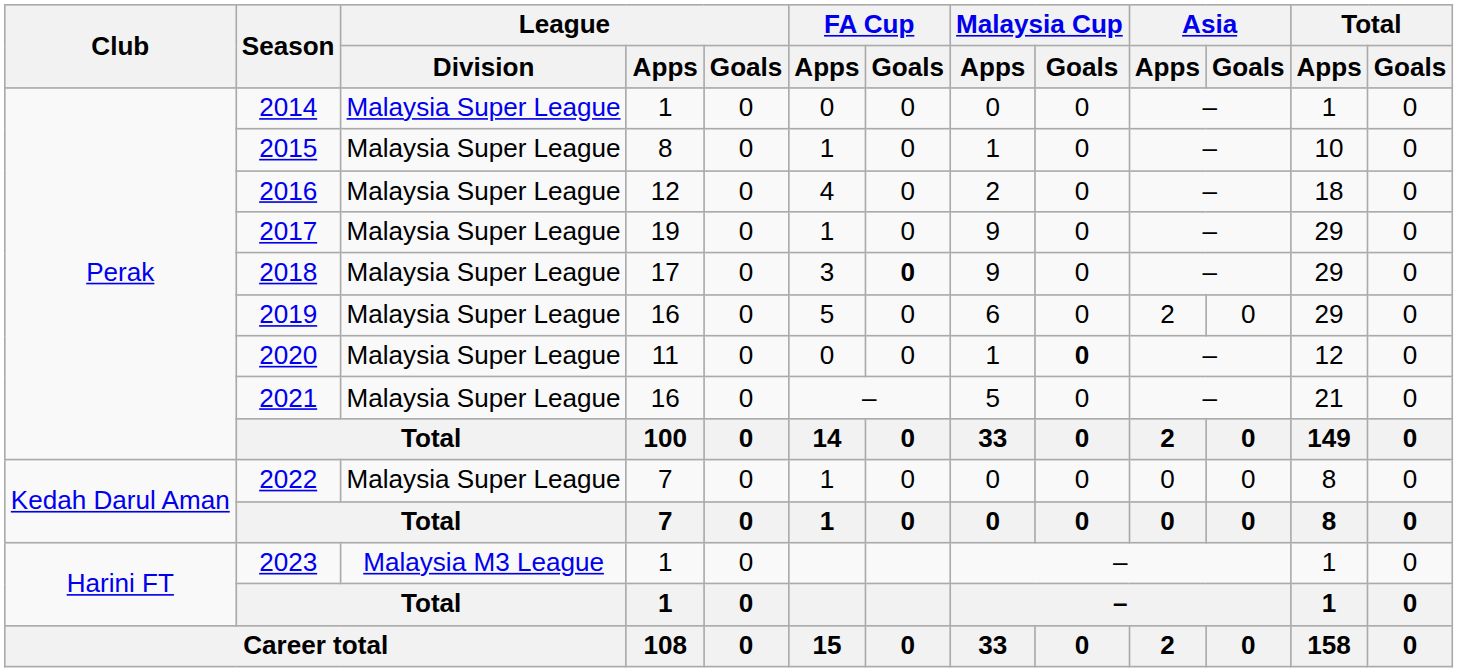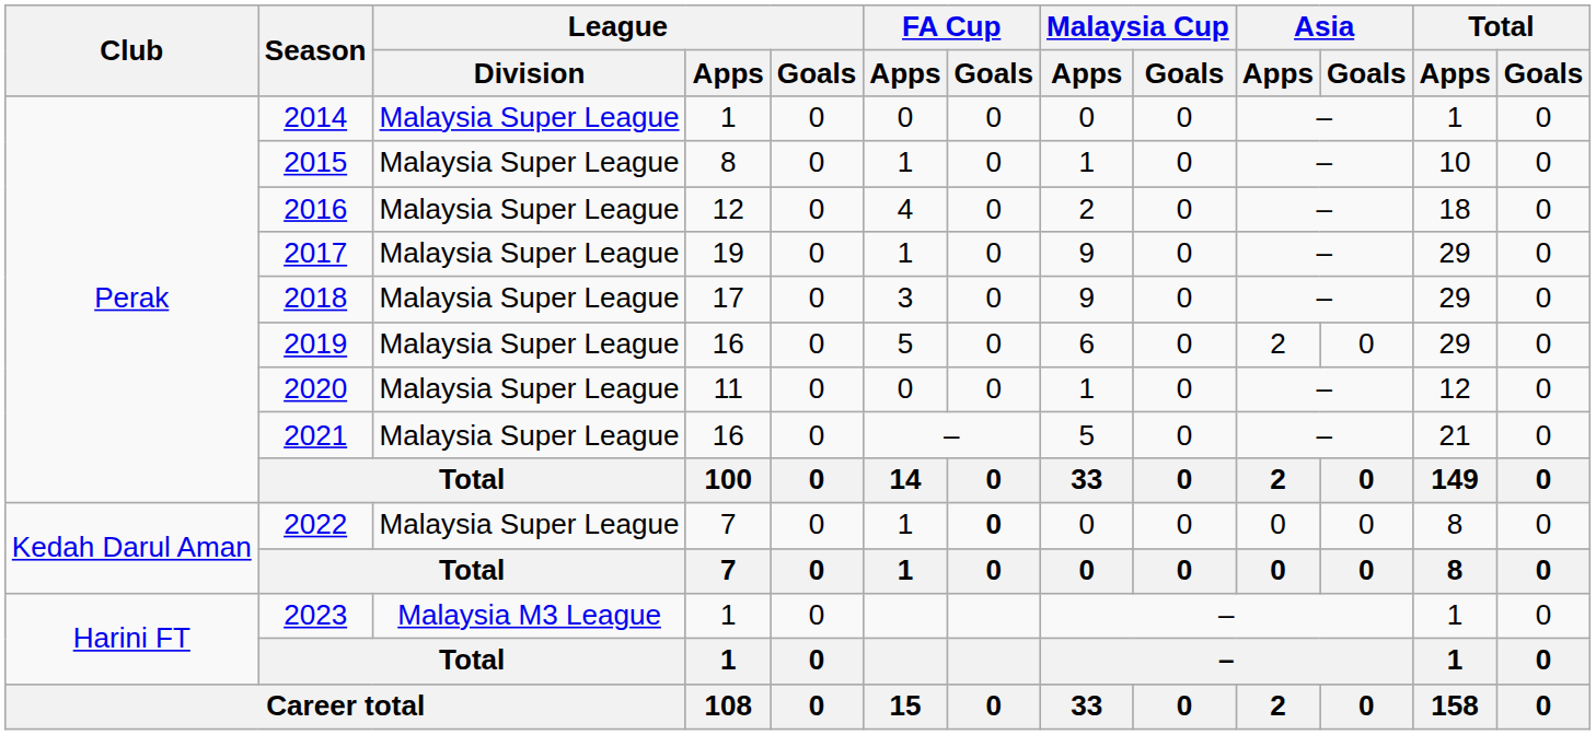 <table class=wikitable style="text-align:center">
 <tr>
 <th rowspan=2>Club</th>
 <th rowspan=2>Season</th>
 <th colspan=3>League</th>
 <th colspan=2><a href='#'>FA Cup</a></th>
 <th colspan=2><a href='#'>Malaysia Cup</a></th>
 <th colspan=2><a href='#'>Asia</a></th>
 <th colspan=2>Total</th>
 </tr>
 <tr>
 <th>Division</th>
 <th>Apps</th>
 <th>Goals</th>
 <th>Apps</th>
 <th>Goals</th>
 <th>Apps</th>
 <th>Goals</th>
 <th>Apps</th>
 <th>Goals</th>
 <th>Apps</th>
 <th>Goals</th>
 </tr>
 <tr>
 <td rowspan="9"><a href='#'>Perak</a></td>
 <td><a href='#'>2014</a></td>
 <td><a href='#'>Malaysia Super League</a></td>
 <td>1</td>
 <td>0</td>
 <td>0</td>
 <td>0</td>
 <td>0</td>
 <td>0</td>
 <td colspan="2">–</td>
 <td>1</td>
 <td>0</td>
 </tr>
 <tr>
 <td><a href='#'>2015</a></td>
 <td>Malaysia Super League</td>
 <td>8</td>
 <td>0</td>
 <td>1</td>
 <td>0</td>
 <td>1</td>
 <td>0</td>
 <td colspan="2">–</td>
 <td>10</td>
 <td>0</td>
 </tr>
 <tr>
 <td><a href='#'>2016</a></td>
 <td>Malaysia Super League</td>
 <td>12</td>
 <td>0</td>
 <td>4</td>
 <td>0</td>
 <td>2</td>
 <td>0</td>
 <td colspan="2">–</td>
 <td>18</td>
 <td>0</td>
 </tr>
 <tr>
 <td><a href='#'>2017</a></td>
 <td>Malaysia Super League</td>
 <td>19</td>
 <td>0</td>
 <td>1</td>
 <td>0</td>
 <td>9</td>
 <td>0</td>
 <td colspan="2">–</td>
 <td>29</td>
 <td>0</td>
 </tr>
 <tr>
 <td><a href='#'>2018</a></td>
 <td>Malaysia Super League</td>
 <td>17</td>
 <td>0</td>
 <td>3</td>
-<td><strong>0</strong></td>
+<td>0</td>
 <td>9</td>
 <td>0</td>
 <td colspan="2">–</td>
 <td>29</td>
 <td>0</td>
 </tr>
 <tr>
 <td><a href='#'>2019</a></td>
 <td>Malaysia Super League</td>
 <td>16</td>
 <td>0</td>
 <td>5</td>
 <td>0</td>
 <td>6</td>
 <td>0</td>
 <td>2</td>
 <td>0</td>
 <td>29</td>
 <td>0</td>
 </tr>
 <tr>
 <td><a href='#'>2020</a></td>
 <td>Malaysia Super League</td>
 <td>11</td>
 <td>0</td>
 <td>0</td>
 <td>0</td>
 <td>1</td>
-<td><strong>0</strong></td>
+<td>0</td>
 <td colspan="2">–</td>
 <td>12</td>
 <td>0</td>
 </tr>
 <tr>
 <td><a href='#'>2021</a></td>
 <td>Malaysia Super League</td>
 <td>16</td>
 <td>0</td>
 <td colspan="2">–</td>
 <td>5</td>
 <td>0</td>
 <td colspan="2">–</td>
 <td>21</td>
 <td>0</td>
 </tr>
 <tr>
 <th colspan=2>Total</th>
 <th>100</th>
 <th>0</th>
 <th>14</th>
 <th>0</th>
 <th>33</th>
 <th>0</th>
 <th>2</th>
 <th>0</th>
 <th>149</th>
 <th>0</th>
 </tr>
 <tr>
 <td rowspan="2"><a href='#'>Kedah Darul Aman</a></td>
 <td><a href='#'>2022</a></td>
 <td>Malaysia Super League</td>
 <td>7</td>
 <td>0</td>
 <td>1</td>
-<td>0</td>
+<td><strong>0</strong></td>
 <td>0</td>
 <td>0</td>
 <td>0</td>
 <td>0</td>
 <td>8</td>
 <td>0</td>
 </tr>
 <tr>
 <th colspan=2>Total</th>
 <th>7</th>
 <th>0</th>
 <th>1</th>
 <th>0</th>
 <th>0</th>
 <th>0</th>
 <th>0</th>
 <th>0</th>
 <th>8</th>
 <th>0</th>
 </tr>
 <tr>
 <td rowspan="2"><a href='#'>Harini FT</a></td>
 <td><a href='#'>2023</a></td>
 <td><a href='#'>Malaysia M3 League</a></td>
 <td>1</td>
 <td>0</td>
 <td></td>
 <td></td>
 <td colspan="4">–</td>
 <td>1</td>
 <td>0</td>
 </tr>
 <tr>
 <th colspan=2>Total</th>
 <th>1</th>
 <th>0</th>
 <th></th>
 <th></th>
 <th colspan="4">–</th>
 <th>1</th>
 <th>0</th>
 </tr>
 <tr>
 <th colspan=3>Career total</th>
 <th>108</th>
 <th>0</th>
 <th>15</th>
 <th>0</th>
 <th>33</th>
 <th>0</th>
 <th>2</th>
 <th>0</th>
 <th>158</th>
 <th>0</th>
 </tr>
 </table>
